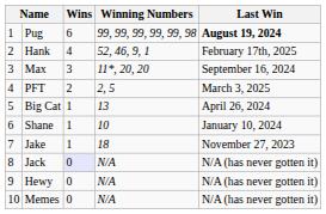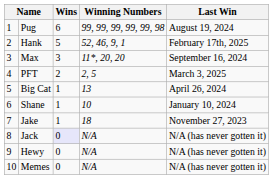 <table class="wikitable">
 <tr>
 <th colspan="2">Name</th>
 <th>Wins</th>
 <th>Winning Numbers</th>
 <th>Last Win</th>
 </tr>
 <tr>
 <td>1</td>
 <td>Pug</td>
 <td>6</td>
 <td><em>99, 99, 99, 99, 99, 98</em></td>
-<td><strong>August 19, 2024</strong></td>
+<td>August 19, 2024</td>
 </tr>
 <tr>
 <td>2</td>
 <td>Hank</td>
-<td>4</td>
+<td>5</td>
 <td><em>52, 46, 9, 1</em></td>
 <td>February 17th, 2025</td>
 </tr>
 <tr>
 <td>3</td>
 <td>Max</td>
 <td>3</td>
 <td><em>11*, 20, 20</em></td>
 <td>September 16, 2024</td>
 </tr>
 <tr>
 <td>4</td>
 <td>PFT</td>
 <td>2</td>
 <td><em>2, 5</em></td>
 <td>March 3, 2025</td>
 </tr>
 <tr>
 <td>5</td>
 <td>Big Cat</td>
 <td>1</td>
 <td><em>13</em></td>
 <td>April 26, 2024</td>
 </tr>
 <tr>
 <td>6</td>
 <td>Shane</td>
 <td>1</td>
 <td><em>10</em></td>
 <td>January 10, 2024</td>
 </tr>
 <tr>
 <td>7</td>
 <td>Jake</td>
 <td>1</td>
 <td><em>18</em></td>
 <td>November 27, 2023</td>
 </tr>
 <tr>
 <td>8</td>
 <td>Jack</td>
 <td style="background: lavender;">0</td>
 <td><em>N/A</em></td>
 <td>N/A (has never gotten it)</td>
 </tr>
 <tr>
 <td>9</td>
 <td>Hewy</td>
 <td>0</td>
 <td><em>N/A</em></td>
 <td>N/A (has never gotten it)</td>
 </tr>
 <tr>
 <td>10</td>
 <td>Memes</td>
 <td>0</td>
 <td><em>N/A</em></td>
 <td>N/A (has never gotten it)</td>
 </tr>
 </table>
